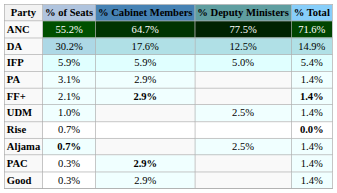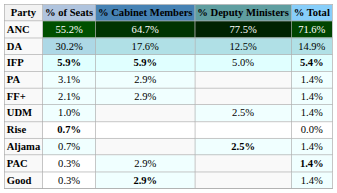 <table class="wikitable">
 <tr>
 <th>Party</th>
 <th style="background-color:#b0c4de;">% of Seats</th>
 <th style="background-color:#4682b4;">% Cabinet Members</th>
 <th style="background-color:#5f9ea0;">% Deputy Ministers</th>
 <th style="background-color:#87cefa;">% Total</th>
 </tr>
 <tr>
 <td style="background:"><strong>ANC</strong></td>
 <td align="center" style="background:#005000; color:white;">55.2%</td>
 <td align="center" style="background:#003300; color:white;">64.7%</td>
 <td align="center" style="background:#002200; color:white;">77.5%</td>
 <td align="center" style="background:#004400; color:white;">71.6%</td>
 </tr>
 <tr>
 <td style="background:"><strong>DA</strong></td>
 <td align="center" style="background:#add8e6;">30.2%</td>
 <td align="center" style="background:#b0e0e6;">17.6%</td>
 <td align="center" style="background:#b0e0e6;">12.5%</td>
 <td align="center" style="background:#b0e0e6;">14.9%</td>
 </tr>
 <tr>
 <td style="background:"><strong>IFP</strong></td>
-<td align="center" style="background:#e0ffff;">5.9%</td>
-<td align="center" style="background:#e0ffff;">5.9%</td>
+<td align="center" style="background:#e0ffff;"><strong>5.9%</strong></td>
+<td align="center" style="background:#e0ffff;"><strong>5.9%</strong></td>
 <td align="center" style="background:#e0ffff;">5.0%</td>
-<td align="center" style="background:#e0ffff;">5.4%</td>
+<td align="center" style="background:#e0ffff;"><strong>5.4%</strong></td>
 </tr>
 <tr>
 <td style="background:"><strong>PA</strong></td>
 <td align="center" style="background:#f0ffff;">3.1%</td>
 <td align="center" style="background:#f0ffff;">2.9%</td>
 <td align="center"></td>
 <td align="center" style="background:#f0ffff;">1.4%</td>
 </tr>
 <tr>
 <td style="background:"><strong>FF+</strong></td>
 <td align="center" style="background:#f0ffff;">2.1%</td>
-<td align="center" style="background:#f0ffff;"><strong>2.9%</strong></td>
+<td align="center" style="background:#f0ffff;">2.9%</td>
 <td align="center"></td>
-<td align="center" style="background:#f0ffff;"><strong>1.4%</strong></td>
+<td align="center" style="background:#f0ffff;">1.4%</td>
 </tr>
 <tr>
 <td style="background:"><strong>UDM</strong></td>
 <td align="center" style="background:#f0ffff;">1.0%</td>
 <td align="center"></td>
 <td align="center" style="background:#f0ffff;">2.5%</td>
 <td align="center" style="background:#f0ffff;">1.4%</td>
 </tr>
 <tr>
 <td style="background:"><strong>Rise</strong></td>
-<td align="center" style="background:white; color:black;">0.7%</td>
+<td align="center" style="background:white; color:black;"><strong>0.7%</strong></td>
 <td align="center" style="background:white; color:black;"></td>
 <td align="center" style="background:white; color:black;"></td>
-<td align="center" style="background:white; color:black;"><strong>0.0%</strong></td>
+<td align="center" style="background:white; color:black;">0.0%</td>
 </tr>
 <tr>
 <td style="background:"><strong>Aljama</strong></td>
-<td align="center" style="background:#f0ffff;"><strong>0.7%</strong></td>
+<td align="center" style="background:#f0ffff;">0.7%</td>
 <td align="center"></td>
-<td align="center" style="background:#f0ffff;">2.5%</td>
+<td align="center" style="background:#f0ffff;"><strong>2.5%</strong></td>
 <td align="center" style="background:#f0ffff;">1.4%</td>
 </tr>
 <tr>
 <td style="background:"><strong>PAC</strong></td>
 <td align="center" style="background:#ffffff;">0.3%</td>
-<td align="center" style="background:#f0ffff;"><strong>2.9%</strong></td>
+<td align="center" style="background:#f0ffff;">2.9%</td>
 <td align="center"></td>
-<td align="center" style="background:#f0ffff;">1.4%</td>
+<td align="center" style="background:#f0ffff;"><strong>1.4%</strong></td>
 </tr>
 <tr>
 <td style="background:"><strong>Good</strong></td>
 <td align="center" style="background:#ffffff;">0.3%</td>
-<td align="center" style="background:#f0ffff;">2.9%</td>
+<td align="center" style="background:#f0ffff;"><strong>2.9%</strong></td>
 <td align "color:white;"></td>
 <td align="center" style="background:#f0ffff;">1.4%</td>
 </tr>
 <tr>
 </tr>
 </table>
